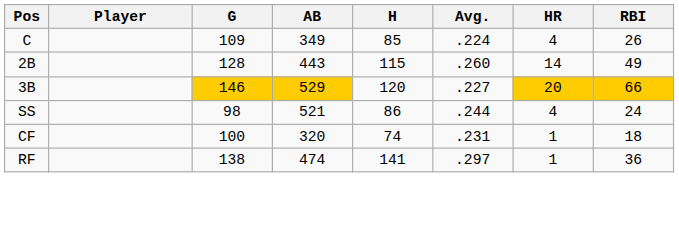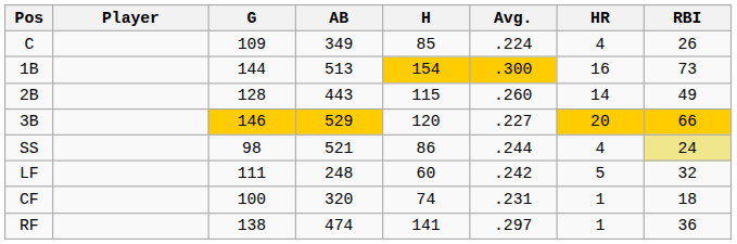 <table class="wikitable sortable">
 <tr>
 <th bgcolor="#DDDDFF" width="5%">Pos</th>
 <th bgcolor="#DDDDFF" width="16%">Player</th>
 <th bgcolor="#DDDDFF" width="9%">G</th>
 <th bgcolor="#DDDDFF" width="9%">AB</th>
 <th bgcolor="#DDDDFF" width="9%">H</th>
 <th bgcolor="#DDDDFF" width="9%">Avg.</th>
 <th bgcolor="#DDDDFF" width="9%">HR</th>
 <th bgcolor="#DDDDFF" width="9%">RBI</th>
 </tr>
 <tr align="center">
 <td>C</td>
 <td></td>
 <td>109</td>
 <td>349</td>
 <td>85</td>
 <td>.224</td>
 <td>4</td>
 <td>26</td>
+</tr>
+<tr align="center">
+<td>1B</td>
+<td></td>
+<td>144</td>
+<td>513</td>
+<td style="background:#fc0;">154</td>
+<td style="background:#fc0;">.300</td>
+<td>16</td>
+<td>73</td>
 </tr>
 <tr align="center">
 <td>2B</td>
 <td></td>
 <td>128</td>
 <td>443</td>
 <td>115</td>
 <td>.260</td>
 <td>14</td>
 <td>49</td>
 </tr>
 <tr align="center">
 <td>3B</td>
 <td></td>
 <td style="background:#fc0;">146</td>
 <td style="background:#fc0;">529</td>
 <td>120</td>
 <td>.227</td>
 <td style="background:#fc0;">20</td>
 <td style="background:#fc0;">66</td>
 </tr>
 <tr align="center">
 <td>SS</td>
 <td></td>
 <td>98</td>
 <td>521</td>
 <td>86</td>
 <td>.244</td>
 <td>4</td>
-<td>24</td>
+<td style="background: khaki;">24</td>
+</tr>
+<tr align="center">
+<td>LF</td>
+<td></td>
+<td>111</td>
+<td>248</td>
+<td>60</td>
+<td>.242</td>
+<td>5</td>
+<td>32</td>
 </tr>
 <tr align="center">
 <td>CF</td>
 <td></td>
 <td>100</td>
 <td>320</td>
 <td>74</td>
 <td>.231</td>
 <td>1</td>
 <td>18</td>
 </tr>
 <tr align="center">
 <td>RF</td>
 <td></td>
 <td>138</td>
 <td>474</td>
 <td>141</td>
 <td>.297</td>
 <td>1</td>
 <td>36</td>
 </tr>
 </table>
